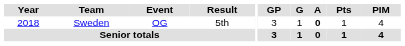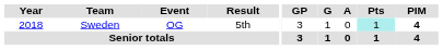 <table border="0" cellpadding="1" cellspacing="0" ID="Table3" style="text-align:center; width:40em">
 <tr ALIGN="center" bgcolor="#e0e0e0">
 <th>Year</th>
 <th>Team</th>
 <th>Event</th>
 <th>Result</th>
 <th rowspan="99" bgcolor="#ffffff"></th>
 <th>GP</th>
 <th>G</th>
 <th>A</th>
 <th>Pts</th>
 <th>PIM</th>
 </tr>
 <tr>
 <td><a href='#'>2018</a></td>
 <td><a href='#'>Sweden</a></td>
 <td><a href='#'>OG</a></td>
 <td>5th</td>
 <td>3</td>
 <td>1</td>
-<td><strong>0</strong></td>
-<td>1</td>
-<td>4</td>
+<td>0</td>
+<td style="background: paleturquoise;">1</td>
+<td><strong>4</strong></td>
 </tr>
 <tr bgcolor="#e0e0e0">
 <th colspan="4">Senior totals</th>
 <th>3</th>
 <th>1</th>
 <th>0</th>
 <th>1</th>
 <th>4</th>
 </tr>
 </table>
